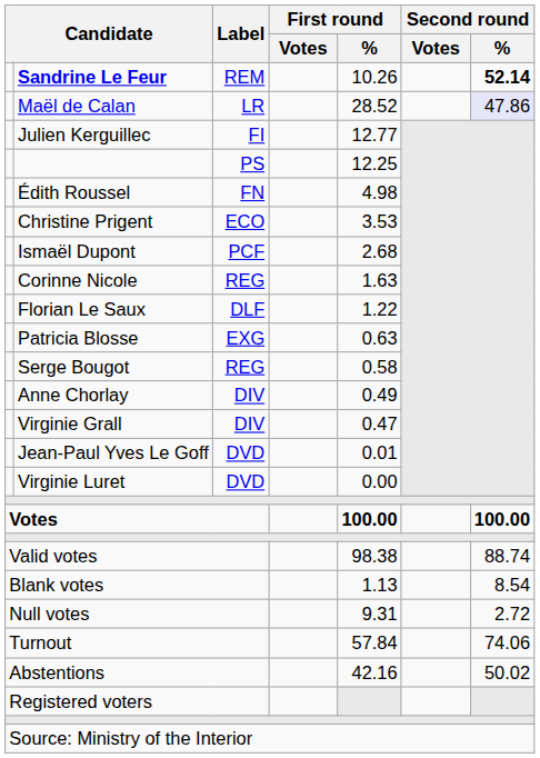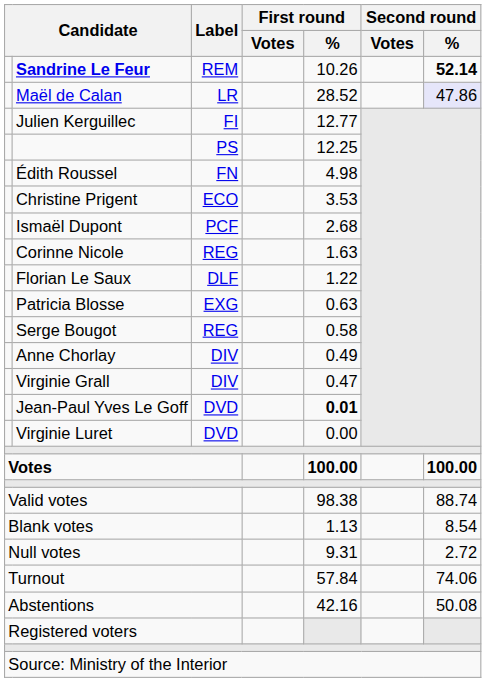 <table class="wikitable" style="text-align:right;font-size:95%;">
 <tr>
 <th rowspan="2" colspan="2">Candidate</th>
 <th rowspan="2">Label</th>
 <th colspan="2">First round</th>
 <th colspan="2">Second round</th>
 </tr>
 <tr>
 <th style="width:50px;">Votes</th>
 <th style="width:45px;">%</th>
 <th style="width:50px;">Votes</th>
 <th style="width:45px;">%</th>
 </tr>
 <tr>
 <td style="color:inherit;background:"></td>
 <td style="text-align:left;"><strong><a href='#'>Sandrine Le Feur</a></strong></td>
 <td><a href='#'>REM</a></td>
 <td></td>
 <td>10.26</td>
 <td><strong></strong></td>
 <td><strong>52.14</strong></td>
 </tr>
 <tr>
 <td style="color:inherit;background:"></td>
 <td style="text-align:left;"><a href='#'>Maël de Calan</a></td>
 <td><a href='#'>LR</a></td>
 <td></td>
 <td>28.52</td>
 <td></td>
 <td style="background: lavender;">47.86</td>
 </tr>
 <tr>
 <td style="color:inherit;background:"></td>
 <td style="text-align:left;">Julien Kerguillec</td>
 <td><a href='#'>FI</a></td>
 <td></td>
 <td>12.77</td>
 <td colspan="2" rowspan="13" style="background:#E9E9E9;"></td>
 </tr>
 <tr>
 <td style="color:inherit;background:"></td>
 <td style="text-align:left;"></td>
 <td><a href='#'>PS</a></td>
 <td></td>
 <td>12.25</td>
 </tr>
 <tr>
 <td style="color:inherit;background:"></td>
 <td style="text-align:left;">Édith Roussel</td>
 <td><a href='#'>FN</a></td>
 <td></td>
 <td>4.98</td>
 </tr>
 <tr>
 <td style="color:inherit;background:"></td>
 <td style="text-align:left;">Christine Prigent</td>
 <td><a href='#'>ECO</a></td>
 <td></td>
 <td>3.53</td>
 </tr>
 <tr>
 <td style="color:inherit;background:"></td>
 <td style="text-align:left;">Ismaël Dupont</td>
 <td><a href='#'>PCF</a></td>
 <td></td>
 <td>2.68</td>
 </tr>
 <tr>
 <td style="color:inherit;background:"></td>
 <td style="text-align:left;">Corinne Nicole</td>
 <td><a href='#'>REG</a></td>
 <td></td>
 <td>1.63</td>
 </tr>
 <tr>
 <td style="color:inherit;background:"></td>
 <td style="text-align:left;">Florian Le Saux</td>
 <td><a href='#'>DLF</a></td>
 <td></td>
 <td>1.22</td>
 </tr>
 <tr>
 <td style="color:inherit;background:"></td>
 <td style="text-align:left;">Patricia Blosse</td>
 <td><a href='#'>EXG</a></td>
 <td></td>
 <td>0.63</td>
 </tr>
 <tr>
 <td style="color:inherit;background:"></td>
 <td style="text-align:left;">Serge Bougot</td>
 <td><a href='#'>REG</a></td>
 <td></td>
 <td>0.58</td>
 </tr>
 <tr>
 <td style="color:inherit;background:"></td>
 <td style="text-align:left;">Anne Chorlay</td>
 <td><a href='#'>DIV</a></td>
 <td></td>
 <td>0.49</td>
 </tr>
 <tr>
 <td style="color:inherit;background:"></td>
 <td style="text-align:left;">Virginie Grall</td>
 <td><a href='#'>DIV</a></td>
 <td></td>
 <td>0.47</td>
 </tr>
 <tr>
 <td style="color:inherit;background:"></td>
 <td style="text-align:left;">Jean-Paul Yves Le Goff</td>
 <td><a href='#'>DVD</a></td>
 <td></td>
-<td>0.01</td>
+<td><strong>0.01</strong></td>
 </tr>
 <tr>
 <td style="color:inherit;background:"></td>
 <td style="text-align:left;">Virginie Luret</td>
 <td><a href='#'>DVD</a></td>
 <td></td>
 <td>0.00</td>
 </tr>
 <tr>
 <td colspan="7" style="background:#E9E9E9;"></td>
 </tr>
 <tr style="font-weight:bold;">
 <td colspan="3" style="text-align:left;">Votes</td>
 <td></td>
 <td>100.00</td>
 <td></td>
 <td>100.00</td>
 </tr>
 <tr>
 <td colspan="7" style="background:#E9E9E9;"></td>
 </tr>
 <tr>
 <td colspan="3" style="text-align:left;">Valid votes</td>
 <td></td>
 <td>98.38</td>
 <td></td>
 <td>88.74</td>
 </tr>
 <tr>
 <td colspan="3" style="text-align:left;">Blank votes</td>
 <td></td>
 <td>1.13</td>
 <td></td>
 <td>8.54</td>
 </tr>
 <tr>
 <td colspan="3" style="text-align:left;">Null votes</td>
 <td></td>
 <td>9.31</td>
 <td></td>
 <td>2.72</td>
 </tr>
 <tr>
 <td colspan="3" style="text-align:left;">Turnout</td>
 <td></td>
 <td>57.84</td>
 <td></td>
 <td>74.06</td>
 </tr>
 <tr>
 <td colspan="3" style="text-align:left;">Abstentions</td>
 <td></td>
 <td>42.16</td>
 <td></td>
-<td>50.02</td>
+<td>50.08</td>
 </tr>
 <tr>
 <td colspan="3" style="text-align:left;">Registered voters</td>
 <td></td>
 <td style="color:inherit;background:#E9E9E9;"></td>
 <td></td>
 <td style="color:inherit;background:#E9E9E9;"></td>
 </tr>
 <tr>
 <td colspan="7" style="background:#E9E9E9;"></td>
 </tr>
 <tr>
 <td colspan="7" style="text-align:left;">Source: Ministry of the Interior</td>
 </tr>
 </table>
